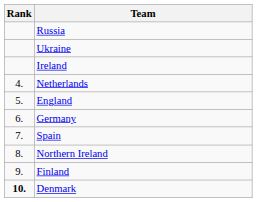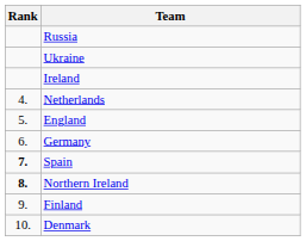 <table class="wikitable" style="font-size:95%">
 <tr>
 <th>Rank</th>
 <th align="left" style="width: 20em">Team</th>
 </tr>
 <tr>
 <td align="center"></td>
 <td> <a href='#'>Russia</a></td>
 </tr>
 <tr>
 <td align="center"></td>
 <td> <a href='#'>Ukraine</a></td>
 </tr>
 <tr>
 <td align="center"></td>
 <td> <a href='#'>Ireland</a></td>
 </tr>
 <tr>
 <td rowspan=1 align="center">4.</td>
 <td> <a href='#'>Netherlands</a></td>
 </tr>
 <tr>
 <td rowspan=1 align="center">5.</td>
 <td> <a href='#'>England</a></td>
 </tr>
 <tr>
 <td rowspan=1 align="center">6.</td>
 <td> <a href='#'>Germany</a></td>
 </tr>
 <tr>
-<td rowspan=1 align="center">7.</td>
+<td rowspan=1 align="center"><strong>7.</strong></td>
 <td> <a href='#'>Spain</a></td>
 </tr>
 <tr>
-<td rowspan=1 align="center">8.</td>
+<td rowspan=1 align="center"><strong>8.</strong></td>
 <td> <a href='#'>Northern Ireland</a></td>
 </tr>
 <tr>
 <td rowspan=1 align="center">9.</td>
 <td> <a href='#'>Finland</a></td>
 </tr>
 <tr>
-<td rowspan=1 align="center"><strong>10.</strong></td>
+<td rowspan=1 align="center">10.</td>
 <td> <a href='#'>Denmark</a></td>
 </tr>
 </table>
